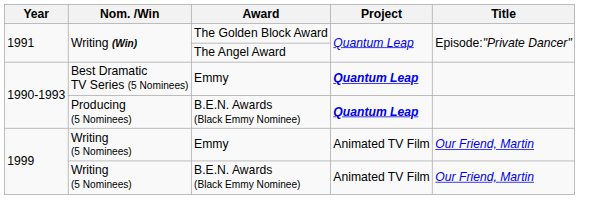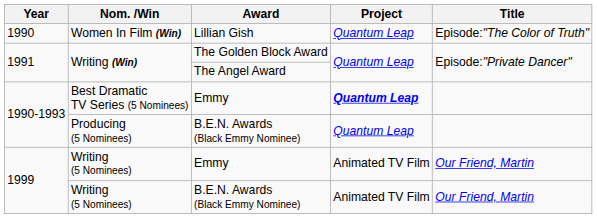 <table class="wikitable">
 <tr>
 <th>Year</th>
 <th>Nom. /Win</th>
 <th>Award</th>
 <th>Project</th>
 <th>Title</th>
+</tr>
+<tr>
+<td>1990</td>
+<td>Women In Film <strong><em><small>(Win)</small></em></strong></td>
+<td>Lillian Gish</td>
+<td><em><a href='#'>Quantum Leap</a></em></td>
+<td>Episode:<em>"The Color of Truth"</em></td>
 </tr>
 <tr>
 <td rowspan="2">1991</td>
 <td rowspan="2">Writing <strong><em><small>(Win)</small></em></strong></td>
 <td>The Golden Block Award</td>
 <td rowspan="2"><em><a href='#'>Quantum Leap</a></em></td>
 <td rowspan="2">Episode:<em>"Private Dancer"</em></td>
 </tr>
 <tr>
 <td>The Angel Award</td>
 </tr>
 <tr>
 <td rowspan="2">1990-1993</td>
 <td>Best Dramatic<br>TV Series <small>(5 Nominees)</small></td>
 <td>Emmy</td>
 <td><strong><em><a href='#'>Quantum Leap</a></em></strong></td>
 <td></td>
 </tr>
 <tr>
 <td>Producing<br><small>(5 Nominees)</small></td>
 <td>B.E.N. Awards<br><small>(Black Emmy Nominee)</small></td>
-<td><strong><em><a href='#'>Quantum Leap</a></em></strong></td>
+<td><em><a href='#'>Quantum Leap</a></em></td>
 <td></td>
 </tr>
 <tr>
 <td rowspan="2">1999</td>
 <td>Writing<br><small>(5 Nominees)</small></td>
 <td>Emmy</td>
 <td>Animated TV Film</td>
 <td><em><a href='#'>Our Friend, Martin</a></em></td>
 </tr>
 <tr>
 <td>Writing<br><small>(5 Nominees)</small></td>
 <td>B.E.N. Awards<br><small>(Black Emmy Nominee)</small></td>
 <td>Animated TV Film</td>
 <td><em><a href='#'>Our Friend, Martin</a></em></td>
 </tr>
 </table>
